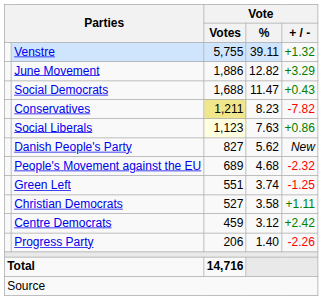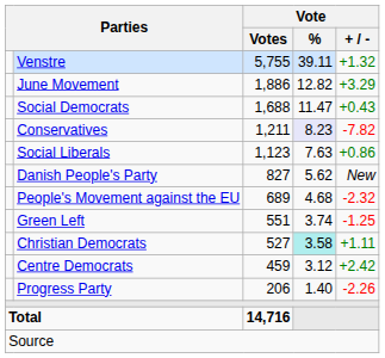 <table class="wikitable" style="text-align:right;">
 <tr>
 <th style="text-align:centre;" rowspan="2" colspan="2" width="225">Parties</th>
 <th colspan="3">Vote</th>
 </tr>
 <tr>
 <th width="15">Votes</th>
 <th width="15">%</th>
 <th width="15">+ / -</th>
 </tr>
 <tr>
 <td width="2" style="color:inherit;background:"></td>
 <td bgcolor=#cfe5fe   align="left"><a href='#'>Venstre</a></td>
 <td bgcolor=#cfe5fe>5,755</td>
 <td bgcolor=#cfe5fe>39.11</td>
 <td style=color:green;>+1.32</td>
 </tr>
 <tr>
 <td width="2" style="color:inherit;background:"></td>
 <td align="left"><a href='#'>June Movement</a></td>
 <td>1,886</td>
 <td>12.82</td>
 <td style=color:green;>+3.29</td>
 </tr>
 <tr>
 <td width="2" style="color:inherit;background:"></td>
 <td align="left"><a href='#'>Social Democrats</a></td>
 <td>1,688</td>
 <td>11.47</td>
 <td style=color:green;>+0.43</td>
 </tr>
 <tr>
 <td width="2" style="color:inherit;background:"></td>
 <td align="left"><a href='#'>Conservatives</a></td>
-<td style="background: khaki;">1,211</td>
-<td>8.23</td>
+<td>1,211</td>
+<td style="background: lavender;">8.23</td>
 <td style=color:red;>-7.82</td>
 </tr>
 <tr>
 <td width="2" style="color:inherit;background:"></td>
 <td align="left"><a href='#'>Social Liberals</a></td>
-<td style="background: lightyellow;">1,123</td>
+<td>1,123</td>
 <td>7.63</td>
 <td style=color:green;>+0.86</td>
 </tr>
 <tr>
 <td width="2" style="color:inherit;background:"></td>
 <td align="left"><a href='#'>Danish People's Party</a></td>
 <td>827</td>
 <td>5.62</td>
 <td><em>New</em></td>
 </tr>
 <tr>
 <td width="2" style="color:inherit;background:"></td>
 <td align="left"><a href='#'>People's Movement against the EU</a></td>
 <td>689</td>
 <td>4.68</td>
 <td style=color:red;>-2.32</td>
 </tr>
 <tr>
 <td width="2" style="color:inherit;background:"></td>
 <td align="left"><a href='#'>Green Left</a></td>
 <td>551</td>
 <td>3.74</td>
 <td style=color:red;>-1.25</td>
 </tr>
 <tr>
 <td width="2" style="color:inherit;background:"></td>
 <td align="left"><a href='#'>Christian Democrats</a></td>
 <td>527</td>
-<td>3.58</td>
+<td style="background: paleturquoise;">3.58</td>
 <td style=color:green;>+1.11</td>
 </tr>
 <tr>
 <td width="2" style="color:inherit;background:"></td>
 <td align="left"><a href='#'>Centre Democrats</a></td>
 <td>459</td>
 <td>3.12</td>
 <td style=color:green;>+2.42</td>
 </tr>
 <tr>
 <td width="2" style="color:inherit;background:"></td>
 <td align="left"><a href='#'>Progress Party</a></td>
 <td>206</td>
 <td>1.40</td>
 <td style=color:red;>-2.26</td>
 </tr>
 <tr>
 <td colspan="7" bgcolor="#E9E9E9"></td>
 </tr>
 <tr>
 <td align="left" colspan="2"><strong>Total</strong></td>
 <td><strong>14,716</strong></td>
 <td bgcolor="#E9E9E9" colspan="2"></td>
 </tr>
 <tr>
 <td align="left" colspan="6">Source</td>
 </tr>
 </table>
